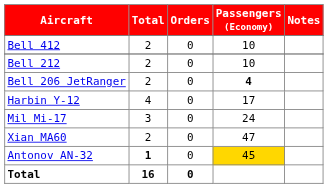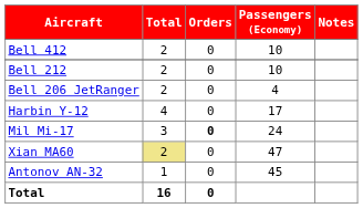 <table class="toccolours" border="1" cellpadding="3" style="margin:1em auto; border-collapse:collapse">
 <tr bgcolor=red>
 <th style="color:white;">Aircraft</th>
 <th style="color:white;">Total</th>
 <th style="color:white;">Orders</th>
 <th style="color:white;">Passengers<br><small>(Economy)</small></th>
 <th style="color:white;">Notes</th>
 </tr>
 <tr>
 </tr>
 <tr>
 <td><a href='#'>Bell 412</a></td>
 <td align="center">2</td>
 <td align="center">0</td>
 <td align="center">10</td>
 <td align="center"></td>
 </tr>
 <tr>
 </tr>
 <tr>
 <td><a href='#'>Bell 212</a></td>
 <td align="center">2</td>
 <td align="center">0</td>
 <td align="center">10</td>
 <td align="center"></td>
 </tr>
 <tr>
 <td><a href='#'>Bell 206 JetRanger</a></td>
 <td align="center">2</td>
 <td align="center">0</td>
-<td align="center"><strong>4</strong></td>
+<td align="center">4</td>
 <td align="center"></td>
 </tr>
 <tr>
 <td><a href='#'>Harbin Y-12</a></td>
 <td align="center">4</td>
 <td align="center">0</td>
 <td align="center">17</td>
 <td align="center"></td>
 </tr>
 <tr>
 <td><a href='#'>Mil Mi-17</a></td>
 <td align="center">3</td>
-<td align="center">0</td>
+<td align="center"><strong>0</strong></td>
 <td align="center">24</td>
 <td align="center"></td>
 </tr>
 <tr>
 <td><a href='#'>Xian MA60</a></td>
-<td align="center">2</td>
+<td align="center" style="background: khaki;">2</td>
 <td align="center">0</td>
 <td align="center">47</td>
 <td align="center"></td>
 </tr>
 <tr>
 <td><a href='#'>Antonov AN-32</a></td>
-<td align="center"><strong>1</strong></td>
+<td align="center">1</td>
 <td align="center">0</td>
-<td align="center" style="background: gold;">45</td>
+<td align="center">45</td>
 <td align="center"></td>
 </tr>
 <tr>
 <td><strong>Total</strong></td>
 <th>16</th>
 <th>0</th>
 <th></th>
 </tr>
 </table>
